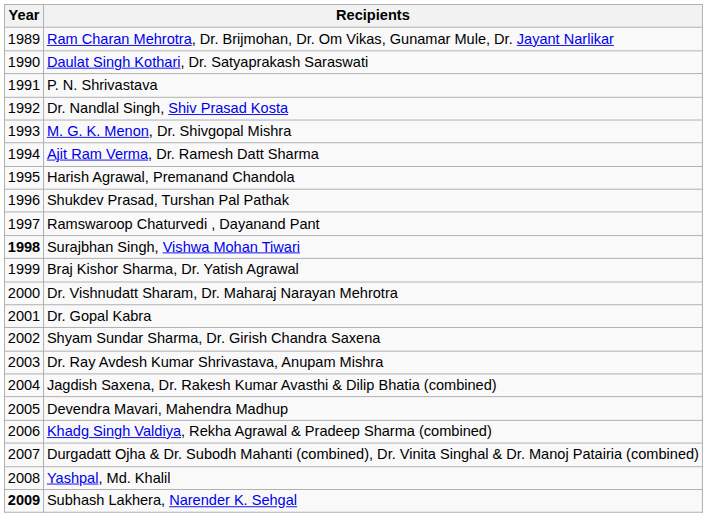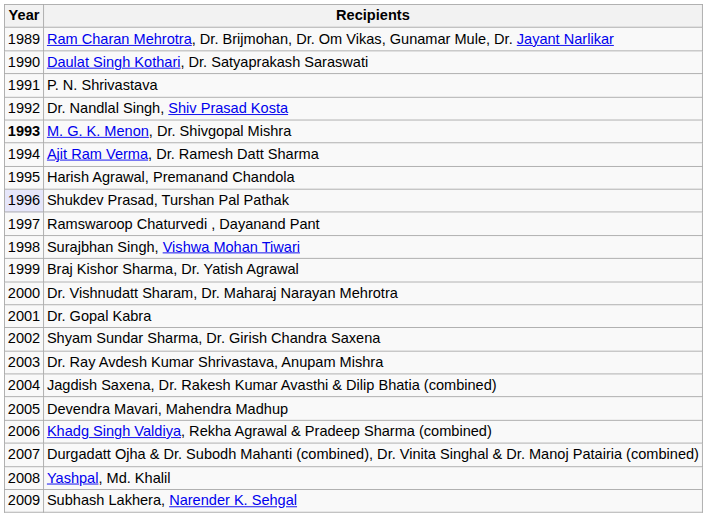 <table class="wikitable">
 <tr>
 <th>Year</th>
 <th>Recipients</th>
 </tr>
 <tr>
 <td>1989</td>
 <td><a href='#'>Ram Charan Mehrotra</a>, Dr. Brijmohan, Dr. Om Vikas, Gunamar Mule, Dr. <a href='#'>Jayant Narlikar</a></td>
 </tr>
 <tr>
 <td>1990</td>
 <td><a href='#'>Daulat Singh Kothari</a>, Dr. Satyaprakash Saraswati</td>
 </tr>
 <tr>
 <td>1991</td>
 <td>P. N. Shrivastava</td>
 </tr>
 <tr>
 <td>1992</td>
 <td>Dr. Nandlal Singh, <a href='#'>Shiv Prasad Kosta</a></td>
 </tr>
 <tr>
-<td>1993</td>
+<td><strong>1993</strong></td>
 <td><a href='#'>M. G. K. Menon</a>, Dr. Shivgopal Mishra</td>
 </tr>
 <tr>
 <td>1994</td>
 <td><a href='#'>Ajit Ram Verma</a>, Dr. Ramesh Datt Sharma</td>
 </tr>
 <tr>
 <td>1995</td>
 <td>Harish Agrawal, Premanand Chandola</td>
 </tr>
 <tr>
-<td>1996</td>
+<td style="background: lavender;">1996</td>
 <td>Shukdev Prasad, Turshan Pal Pathak</td>
 </tr>
 <tr>
 <td>1997</td>
 <td>Ramswaroop Chaturvedi , Dayanand Pant</td>
 </tr>
 <tr>
-<td><strong>1998</strong></td>
+<td>1998</td>
 <td>Surajbhan Singh, <a href='#'>Vishwa Mohan Tiwari</a></td>
 </tr>
 <tr>
 <td>1999</td>
 <td>Braj Kishor Sharma, Dr. Yatish Agrawal</td>
 </tr>
 <tr>
 <td>2000</td>
 <td>Dr. Vishnudatt Sharam, Dr. Maharaj Narayan Mehrotra</td>
 </tr>
 <tr>
 <td>2001</td>
 <td>Dr. Gopal Kabra</td>
 </tr>
 <tr>
 <td>2002</td>
 <td>Shyam Sundar Sharma, Dr. Girish Chandra Saxena</td>
 </tr>
 <tr>
 <td>2003</td>
 <td>Dr. Ray Avdesh Kumar Shrivastava, Anupam Mishra</td>
 </tr>
 <tr>
 <td>2004</td>
 <td>Jagdish Saxena, Dr. Rakesh Kumar Avasthi & Dilip Bhatia (combined)</td>
 </tr>
 <tr>
 <td>2005</td>
 <td>Devendra Mavari, Mahendra Madhup</td>
 </tr>
 <tr>
 <td>2006</td>
 <td><a href='#'>Khadg Singh Valdiya</a>, Rekha Agrawal & Pradeep Sharma (combined)</td>
 </tr>
 <tr>
 <td>2007</td>
 <td>Durgadatt Ojha & Dr. Subodh Mahanti (combined), Dr. Vinita Singhal & Dr. Manoj Patairia (combined)</td>
 </tr>
 <tr>
 <td>2008</td>
 <td><a href='#'>Yashpal</a>, Md. Khalil</td>
 </tr>
 <tr>
-<td><strong>2009</strong></td>
+<td>2009</td>
 <td>Subhash Lakhera, <a href='#'>Narender K. Sehgal</a></td>
 </tr>
 </table>
